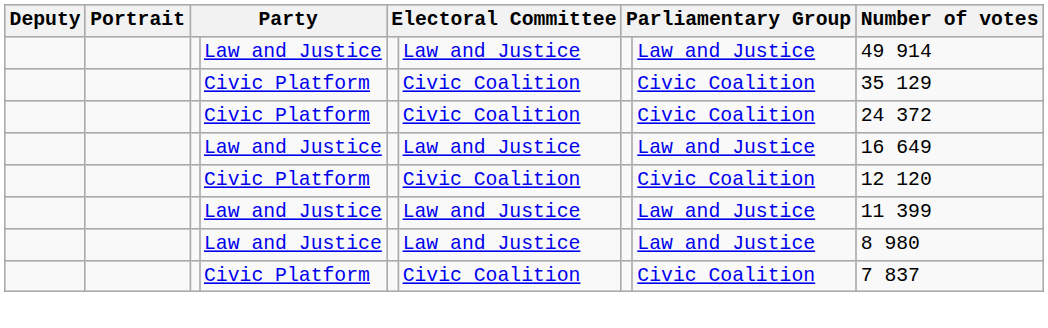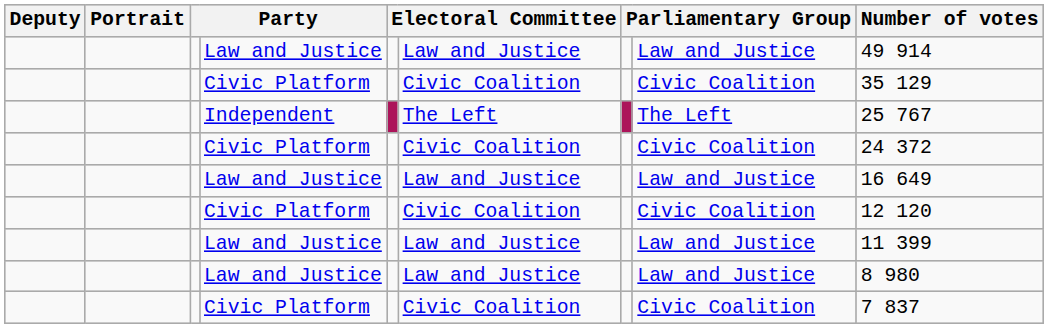 <table class="wikitable sortable" style="font-size:95%;line-height:14px;">
 <tr>
 <th>Deputy</th>
 <th>Portrait</th>
 <th colspan="2">Party</th>
 <th colspan="2">Electoral Committee</th>
 <th colspan="2">Parliamentary Group</th>
 <th>Number of votes</th>
 </tr>
 <tr>
 <td></td>
 <td></td>
 <td style="background:"></td>
 <td><a href='#'>Law and Justice</a></td>
 <td style="background:"></td>
 <td><a href='#'>Law and Justice</a></td>
 <td style="background:"></td>
 <td><a href='#'>Law and Justice</a></td>
 <td>49 914</td>
 </tr>
 <tr>
 <td></td>
 <td></td>
 <td style="background:"></td>
 <td><a href='#'>Civic Platform</a></td>
 <td style="background:"></td>
 <td><a href='#'>Civic Coalition</a></td>
 <td style="background:"></td>
 <td><a href='#'>Civic Coalition</a></td>
 <td>35 129</td>
+</tr>
+<tr>
+<td></td>
+<td></td>
+<td style="background:"></td>
+<td><a href='#'>Independent</a></td>
+<td style="background:#AC145A;"></td>
+<td><a href='#'>The Left</a></td>
+<td style="background:#AC145A;"></td>
+<td><a href='#'>The Left</a></td>
+<td>25 767</td>
 </tr>
 <tr>
 <td></td>
 <td></td>
 <td style="background:"></td>
 <td><a href='#'>Civic Platform</a></td>
 <td style="background:"></td>
 <td><a href='#'>Civic Coalition</a></td>
 <td style="background:"></td>
 <td><a href='#'>Civic Coalition</a></td>
 <td>24 372</td>
 </tr>
 <tr>
 <td></td>
 <td></td>
 <td style="background:"></td>
 <td><a href='#'>Law and Justice</a></td>
 <td style="background:"></td>
 <td><a href='#'>Law and Justice</a></td>
 <td style="background:"></td>
 <td><a href='#'>Law and Justice</a></td>
 <td>16 649</td>
 </tr>
 <tr>
 <td></td>
 <td></td>
 <td style="background:"></td>
 <td><a href='#'>Civic Platform</a></td>
 <td style="background:"></td>
 <td><a href='#'>Civic Coalition</a></td>
 <td style="background:"></td>
 <td><a href='#'>Civic Coalition</a></td>
 <td>12 120</td>
 </tr>
 <tr>
 <td></td>
 <td></td>
 <td style="background:"></td>
 <td><a href='#'>Law and Justice</a></td>
 <td style="background:"></td>
 <td><a href='#'>Law and Justice</a></td>
 <td style="background:"></td>
 <td><a href='#'>Law and Justice</a></td>
 <td>11 399</td>
 </tr>
 <tr>
 <td></td>
 <td></td>
 <td style="background:"></td>
 <td><a href='#'>Law and Justice</a></td>
 <td style="background:"></td>
 <td><a href='#'>Law and Justice</a></td>
 <td style="background:"></td>
 <td><a href='#'>Law and Justice</a></td>
 <td>8 980</td>
 </tr>
 <tr>
 <td></td>
 <td></td>
 <td style="background:"></td>
 <td><a href='#'>Civic Platform</a></td>
 <td style="background:"></td>
 <td><a href='#'>Civic Coalition</a></td>
 <td style="background:"></td>
 <td><a href='#'>Civic Coalition</a></td>
 <td>7 837</td>
 </tr>
 </table>
